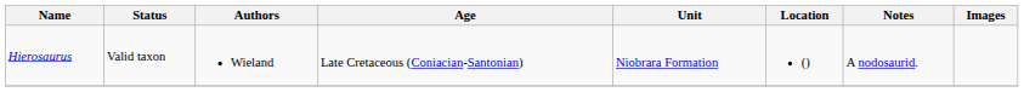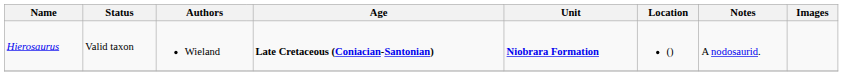 <table class="wikitable sortable" align="center" width="100%">
 <tr>
 <th>Name</th>
 <th>Status</th>
 <th colspan="2">Authors</th>
 <th>Age</th>
 <th>Unit</th>
 <th>Location</th>
 <th class="unsortable">Notes</th>
 <th class="unsortable">Images</th>
 </tr>
 <tr>
 <td><em><a href='#'>Hierosaurus</a></em></td>
 <td>Valid taxon</td>
 <td style="border-right:0px" valign="top"><br><ul><li>Wieland</li></ul></td>
 <td style="border-left:0px" valign="top"></td>
-<td><br>Late Cretaceous (<a href='#'>Coniacian</a>-<a href='#'>Santonian</a>)</td>
-<td><br><a href='#'>Niobrara Formation</a></td>
+<td><strong><br>Late Cretaceous (<a href='#'>Coniacian</a>-<a href='#'>Santonian</a>)</strong></td>
+<td><strong><br><a href='#'>Niobrara Formation</a></strong></td>
 <td><br><ul><li> ()</li></ul></td>
 <td><br>A <a href='#'>nodosaurid</a>.</td>
 <td></td>
 </tr>
 <tr>
 </tr>
 </table>
